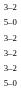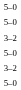 <table style="font-size:90%">
 <tr>
 <th width="150"></th>
 <th width="100"></th>
 <th width="150"></th>
+</tr>
+<tr>
+<td align="right"><strong></strong></td>
+<td align="center">5–0</td>
+<td></td>
+</tr>
+<tr>
+<td></td>
+<td></td>
+<td></td>
+</tr>
+<tr>
+<td align="right"><strong></strong></td>
+<td align="center">5–0</td>
+<td></td>
+</tr>
+<tr>
+<td></td>
+<td></td>
+<td></td>
 </tr>
 <tr>
 <td align="right"><strong></strong></td>
 <td align="center">3–2</td>
 <td></td>
 </tr>
 <tr>
 <td></td>
 <td></td>
 <td></td>
 </tr>
 <tr>
 <td align="right"><strong></strong></td>
 <td align="center">5–0</td>
 <td></td>
 </tr>
 <tr>
 <td></td>
 <td></td>
 <td></td>
 </tr>
 <tr>
 <td align="right"><strong></strong></td>
 <td align="center">3–2</td>
 <td></td>
 </tr>
 <tr>
 <td></td>
 <td></td>
 <td></td>
 </tr>
 <tr>
 <td align="right"><strong></strong></td>
-<td align="center">3–2</td>
-<td></td>
-</tr>
-<tr>
-<td></td>
-<td></td>
-<td></td>
-</tr>
-<tr>
-<td align="right"><strong></strong></td>
-<td align="center">3–2</td>
-<td></td>
-</tr>
-<tr>
-<td></td>
-<td></td>
-<td></td>
-</tr>
-<tr>
-<td align="right"><strong></strong></td>
 <td align="center">5–0</td>
 <td></td>
 </tr>
 <tr>
 <td></td>
 <td></td>
 <td></td>
 </tr>
 <tr>
 </tr>
 </table>
